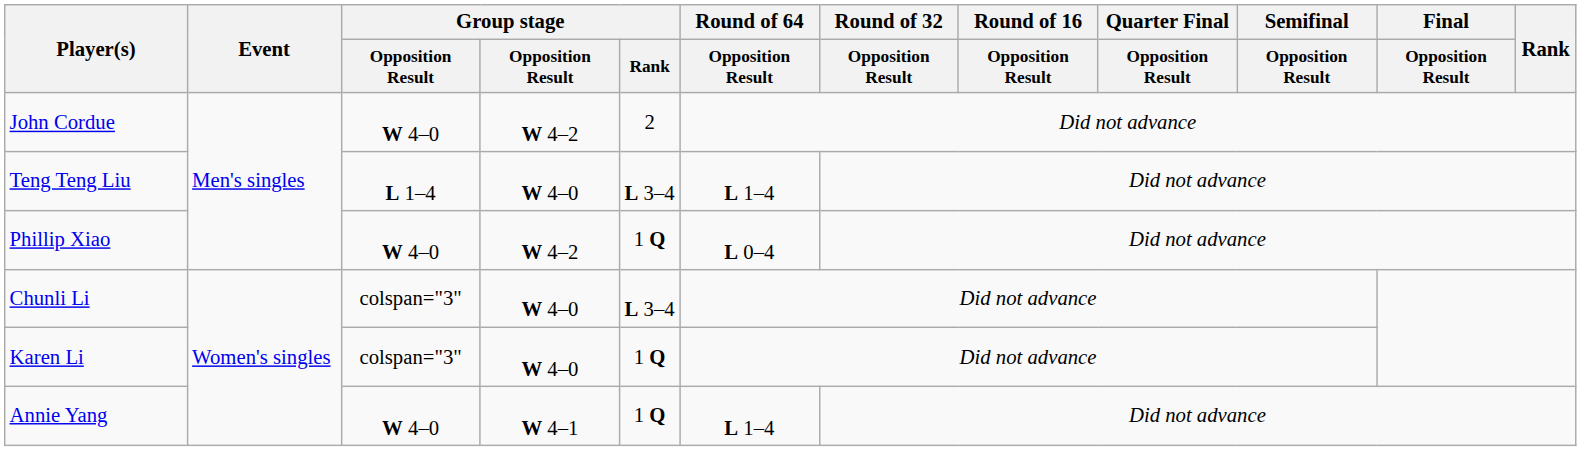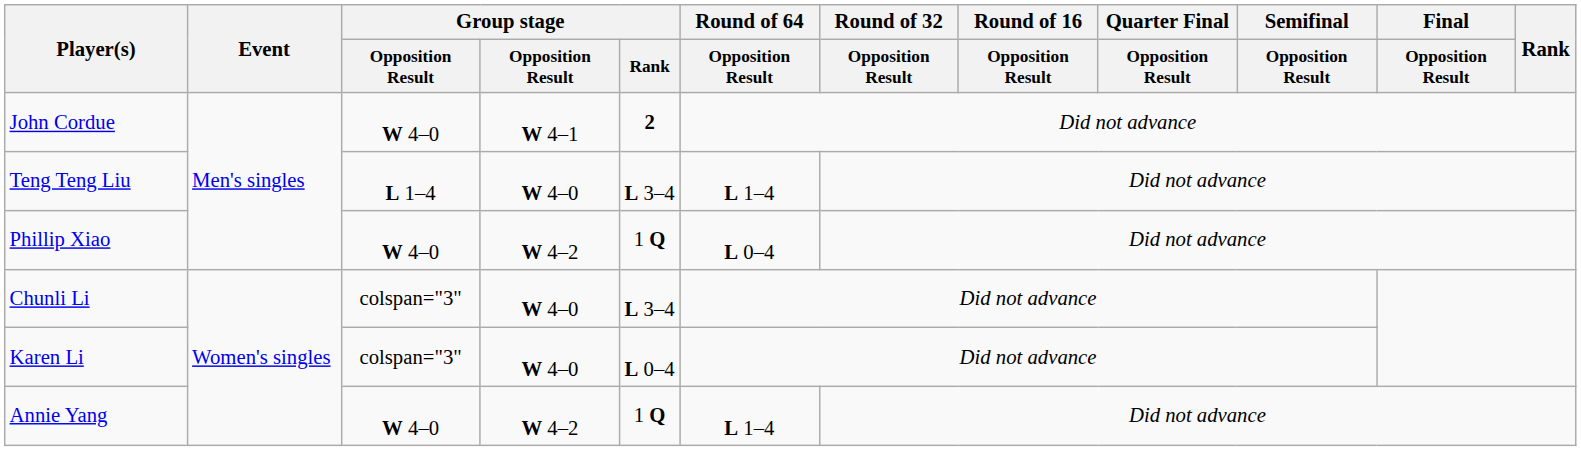 <table class="wikitable"  style="text-align:center;font-size:90%">
 <tr>
 <th style="width:120px;" rowspan="2">Player(s)</th>
 <th style="width:100px;" rowspan="2">Event</th>
 <th colspan="3">Group stage</th>
 <th style="width:90px;">Round of 64</th>
 <th style="width:90px;">Round of 32</th>
 <th style="width:90px;">Round of 16</th>
 <th style="width:90px;">Quarter Final</th>
 <th style="width:90px;">Semifinal</th>
 <th style="width:90px;">Final</th>
 <th rowspan="2" style="width:35px;">Rank</th>
 </tr>
 <tr>
 <th style="width:90px;line-height:1em"><small>Opposition<br>Result</small></th>
 <th style="width:90px;line-height:1em"><small>Opposition<br>Result</small></th>
 <th style="width:35px;line-height:1em"><small>Rank</small></th>
 <th style="line-height:1em"><small>Opposition<br>Result</small></th>
 <th style="line-height:1em"><small>Opposition<br>Result</small></th>
 <th style="line-height:1em"><small>Opposition<br>Result</small></th>
 <th style="line-height:1em"><small>Opposition<br>Result</small></th>
 <th style="line-height:1em"><small>Opposition<br>Result</small></th>
 <th style="line-height:1em"><small>Opposition<br>Result</small></th>
 </tr>
 <tr>
 <td align=left><a href='#'>John Cordue</a></td>
 <td align=left rowspan=3><a href='#'>Men's singles</a></td>
 <td><br><strong>W</strong> 4–0</td>
-<td><br><strong>W</strong> 4–2</td>
-<td>2</td>
+<td><br><strong>W</strong> 4–1</td>
+<td><strong>2</strong></td>
 <td colspan="7"><em>Did not advance</em></td>
 </tr>
 <tr>
 <td align=left><a href='#'>Teng Teng Liu</a></td>
 <td><br><strong>L</strong> 1–4</td>
 <td><br><strong>W</strong> 4–0</td>
 <td><br><strong>L</strong> 3–4</td>
 <td><br><strong>L</strong> 1–4</td>
 <td colspan="6"><em>Did not advance</em></td>
 </tr>
 <tr>
 <td align=left><a href='#'>Phillip Xiao</a></td>
 <td><br><strong>W</strong> 4–0</td>
 <td><br><strong>W</strong> 4–2</td>
 <td>1 <strong>Q</strong></td>
 <td><br><strong>L</strong> 0–4</td>
 <td colspan="6"><em>Did not advance</em></td>
 </tr>
 <tr>
 <td align=left><a href='#'>Chunli Li</a></td>
 <td align=left rowspan="3"><a href='#'>Women's singles</a></td>
 <td>colspan="3" </td>
 <td><br><strong>W</strong> 4–0</td>
 <td><br><strong>L</strong> 3–4</td>
 <td colspan="5"><em>Did not advance</em></td>
 </tr>
 <tr>
 <td align=left><a href='#'>Karen Li</a></td>
 <td>colspan="3" </td>
 <td><br><strong>W</strong> 4–0</td>
-<td>1 <strong>Q</strong></td>
+<td><br><strong>L</strong> 0–4</td>
 <td colspan="5"><em>Did not advance</em></td>
 </tr>
 <tr>
 <td align=left><a href='#'>Annie Yang</a></td>
 <td><br> <strong>W</strong> 4–0</td>
-<td><br><strong>W</strong> 4–1</td>
+<td><br><strong>W</strong> 4–2</td>
 <td>1 <strong>Q</strong></td>
 <td><br><strong>L</strong> 1–4</td>
 <td colspan="6"><em>Did not advance</em></td>
 </tr>
 </table>
